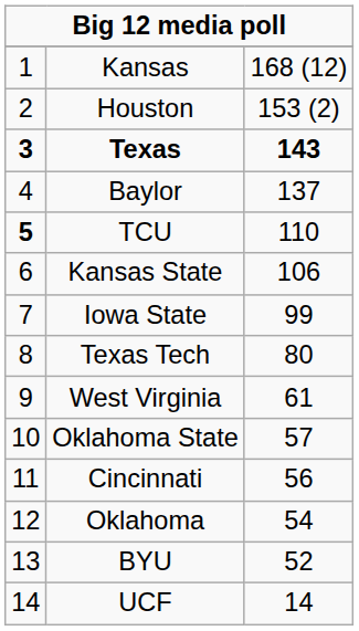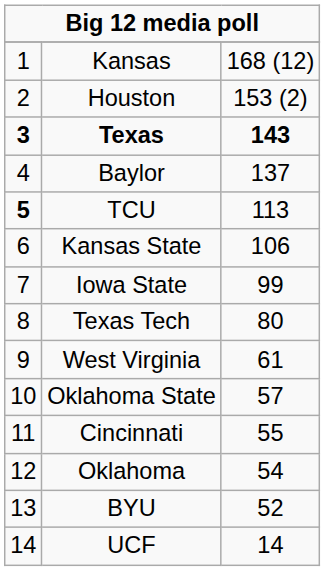 <table class="wikitable" style="display: inline-table;">
 <tr>
 <td align="center" Colspan="3"><strong>Big 12 media poll</strong></td>
 </tr>
 <tr align="center">
 </tr>
 <tr align="center">
 <td>1</td>
 <td>Kansas</td>
 <td>168 (12)</td>
 </tr>
 <tr align="center">
 <td>2</td>
 <td>Houston</td>
 <td>153 (2)</td>
 </tr>
 <tr align="center">
 <td><strong>3</strong></td>
 <td><strong>Texas</strong></td>
 <td><strong>143</strong></td>
 </tr>
 <tr align="center">
 <td>4</td>
 <td>Baylor</td>
 <td>137</td>
 </tr>
 <tr align="center">
 <td><strong>5</strong></td>
 <td>TCU</td>
-<td>110</td>
+<td>113</td>
 </tr>
 <tr align="center">
 <td>6</td>
 <td>Kansas State</td>
 <td>106</td>
 </tr>
 <tr align="center">
 <td>7</td>
 <td>Iowa State</td>
 <td>99</td>
 </tr>
 <tr align="center">
 <td>8</td>
 <td>Texas Tech</td>
 <td>80</td>
 </tr>
 <tr align="center">
 <td>9</td>
 <td>West Virginia</td>
 <td>61</td>
 </tr>
 <tr align="center">
 <td>10</td>
 <td>Oklahoma State</td>
 <td>57</td>
 </tr>
 <tr align="center">
 <td>11</td>
 <td>Cincinnati</td>
-<td>56</td>
+<td>55</td>
 </tr>
 <tr align="center">
 <td>12</td>
 <td>Oklahoma</td>
 <td>54</td>
 </tr>
 <tr align="center">
 <td>13</td>
 <td>BYU</td>
 <td>52</td>
 </tr>
 <tr align="center">
 <td>14</td>
 <td>UCF</td>
 <td>14</td>
 </tr>
 </table>
